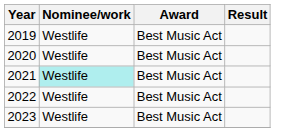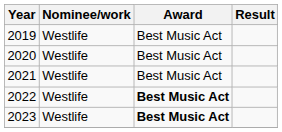 <table class="wikitable">
 <tr>
 <th>Year</th>
 <th>Nominee/work</th>
 <th>Award</th>
 <th>Result</th>
 </tr>
 <tr>
 <td>2019</td>
 <td>Westlife</td>
 <td>Best Music Act</td>
 <td></td>
 </tr>
 <tr>
 <td>2020</td>
 <td>Westlife</td>
 <td>Best Music Act</td>
 <td></td>
 </tr>
 <tr>
 <td>2021</td>
-<td style="background: paleturquoise;">Westlife</td>
+<td>Westlife</td>
 <td>Best Music Act</td>
 <td></td>
 </tr>
 <tr>
 <td>2022</td>
 <td>Westlife</td>
-<td>Best Music Act</td>
+<td><strong>Best Music Act</strong></td>
 <td></td>
 </tr>
 <tr>
 <td>2023</td>
 <td>Westlife</td>
-<td>Best Music Act</td>
+<td><strong>Best Music Act</strong></td>
 <td></td>
 </tr>
 <tr>
 </tr>
 </table>
